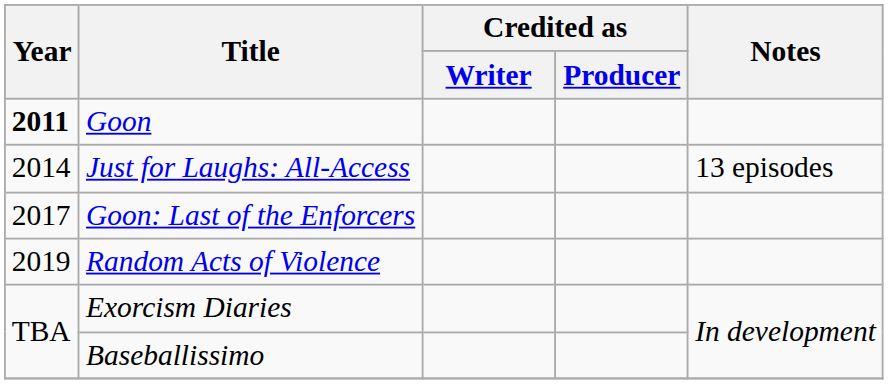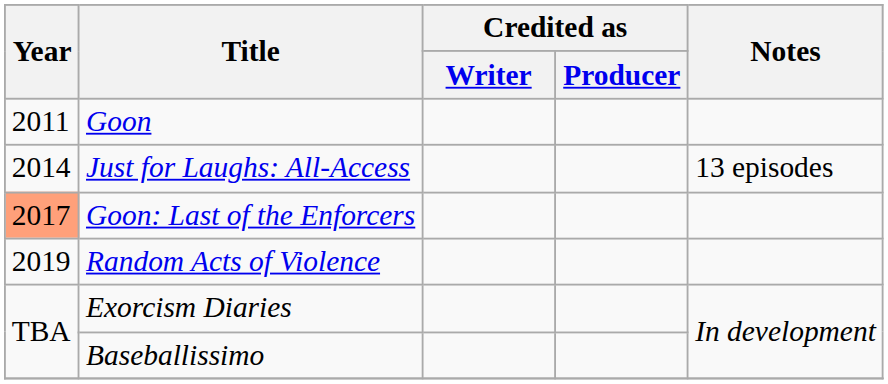 <table class="wikitable">
 <tr style="background:#ccc; text-align:center;">
 <th rowspan="2" style="width:33px;">Year</th>
 <th rowspan="2">Title</th>
 <th colspan="2">Credited as</th>
 <th rowspan="2">Notes</th>
 </tr>
 <tr>
 <th width="65"><a href='#'>Writer</a></th>
 <th width="65"><a href='#'>Producer</a></th>
 </tr>
 <tr>
-<td><strong>2011</strong></td>
+<td>2011</td>
 <td><em><a href='#'>Goon</a></em></td>
 <td></td>
 <td></td>
 <td></td>
 </tr>
 <tr>
 <td>2014</td>
 <td><em><a href='#'>Just for Laughs: All-Access</a></em></td>
 <td></td>
 <td></td>
 <td>13 episodes</td>
 </tr>
 <tr>
-<td>2017</td>
+<td style="background: lightsalmon;">2017</td>
 <td><em><a href='#'>Goon: Last of the Enforcers</a></em></td>
 <td></td>
 <td></td>
 <td></td>
 </tr>
 <tr>
 <td>2019</td>
 <td><em><a href='#'>Random Acts of Violence</a></em></td>
 <td></td>
 <td></td>
 <td></td>
 </tr>
 <tr>
 <td rowspan="2">TBA</td>
 <td><em>Exorcism Diaries</em></td>
 <td></td>
 <td></td>
 <td rowspan="2"><em>In development</em></td>
 </tr>
 <tr>
 <td><em>Baseballissimo</em></td>
 <td></td>
 <td></td>
 </tr>
 <tr>
 </tr>
 </table>
